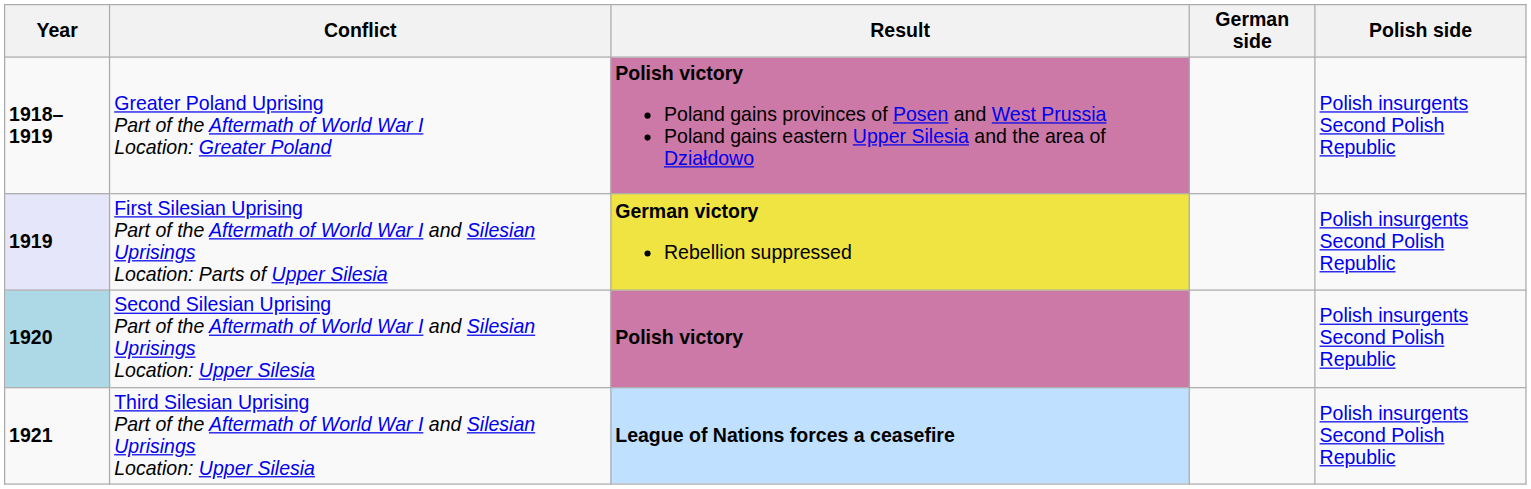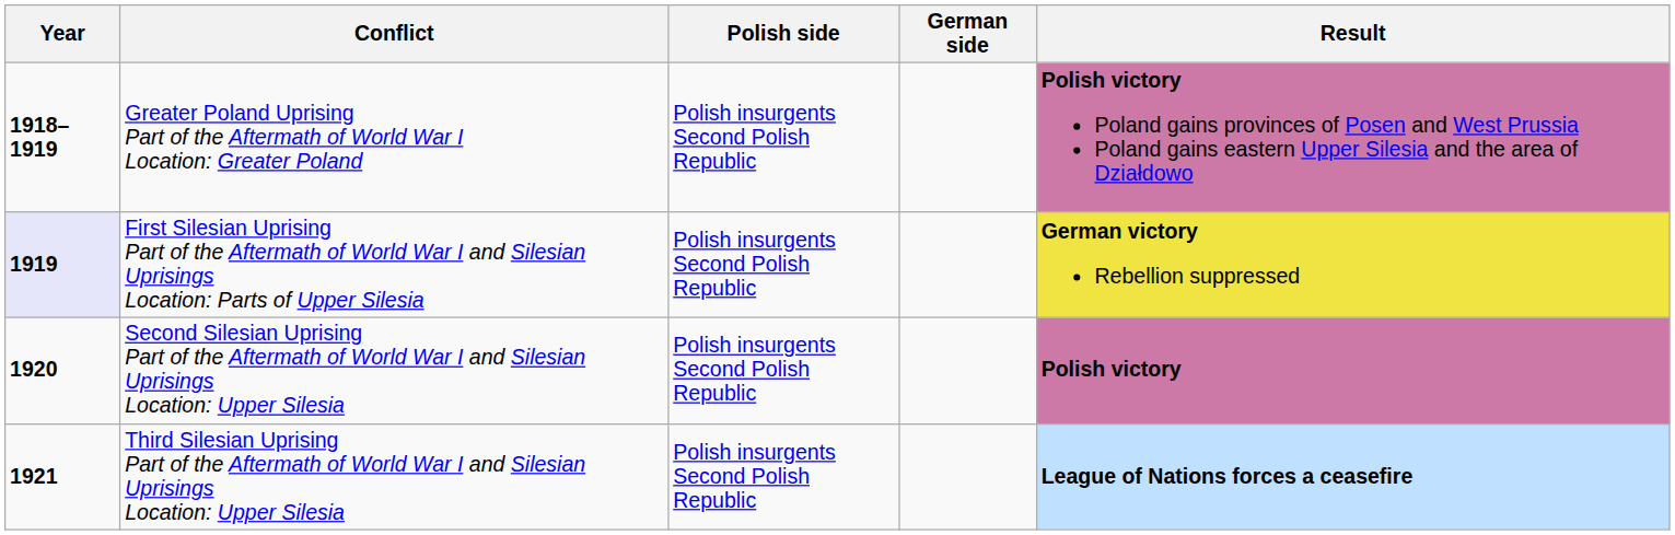 <table class="wikitable">
 <tr>
 <th>Year</th>
 <th>Conflict</th>
+<th>Polish side</th>
+<th>German side</th>
 <th>Result</th>
-<th>German side</th>
-<th>Polish side</th>
 </tr>
 <tr>
 <td><strong>1918–1919</strong></td>
 <td><a href='#'>Greater Poland Uprising</a><br><em>Part of the <a href='#'>Aftermath of World War I</a></em><br><em>Location: <a href='#'>Greater Poland</a></em></td>
+<td> <a href='#'>Polish insurgents</a><br> <a href='#'>Second Polish Republic</a></td>
+<td></td>
 <td style="background:#CC79A7"><strong>Polish victory</strong><br><ul><li>Poland gains provinces of <a href='#'>Posen</a> and <a href='#'>West Prussia</a></li><li>Poland gains eastern <a href='#'>Upper Silesia</a> and the area of <a href='#'>Działdowo</a></li></ul></td>
-<td></td>
-<td> <a href='#'>Polish insurgents</a><br> <a href='#'>Second Polish Republic</a></td>
 </tr>
 <tr>
 <td style="background: lavender;"><strong>1919</strong></td>
 <td><a href='#'>First Silesian Uprising</a><br><em>Part of the <a href='#'>Aftermath of World War I</a> and <a href='#'>Silesian Uprisings</a></em><br><em>Location: Parts of <a href='#'>Upper Silesia</a></em></td>
+<td> <a href='#'>Polish insurgents</a><br> <a href='#'>Second Polish Republic</a></td>
+<td></td>
 <td bgcolor="#F0E442"><strong>German victory</strong><br><ul><li>Rebellion suppressed</li></ul></td>
-<td></td>
-<td> <a href='#'>Polish insurgents</a><br> <a href='#'>Second Polish Republic</a></td>
 </tr>
 <tr>
-<td style="background: lightblue;"><strong>1920</strong></td>
+<td><strong>1920</strong></td>
 <td><a href='#'>Second Silesian Uprising</a><br><em>Part of the <a href='#'>Aftermath of World War I</a> and <a href='#'>Silesian Uprisings</a></em><br><em>Location: <a href='#'>Upper Silesia</a></em></td>
+<td> <a href='#'>Polish insurgents</a><br> <a href='#'>Second Polish Republic</a></td>
+<td></td>
 <td style="background:#CC79A7"><strong>Polish victory</strong></td>
-<td></td>
-<td> <a href='#'>Polish insurgents</a><br> <a href='#'>Second Polish Republic</a></td>
 </tr>
 <tr>
 <td><strong>1921</strong></td>
 <td><a href='#'>Third Silesian Uprising</a><br><em>Part of the <a href='#'>Aftermath of World War I</a> and <a href='#'>Silesian Uprisings</a></em><br><em>Location: <a href='#'>Upper Silesia</a></em></td>
+<td> <a href='#'>Polish insurgents</a><br> <a href='#'>Second Polish Republic</a></td>
+<td></td>
 <td bgcolor="#C0E0FF"><strong>League of Nations forces a ceasefire</strong></td>
-<td></td>
-<td> <a href='#'>Polish insurgents</a><br> <a href='#'>Second Polish Republic</a></td>
 </tr>
 </table>
